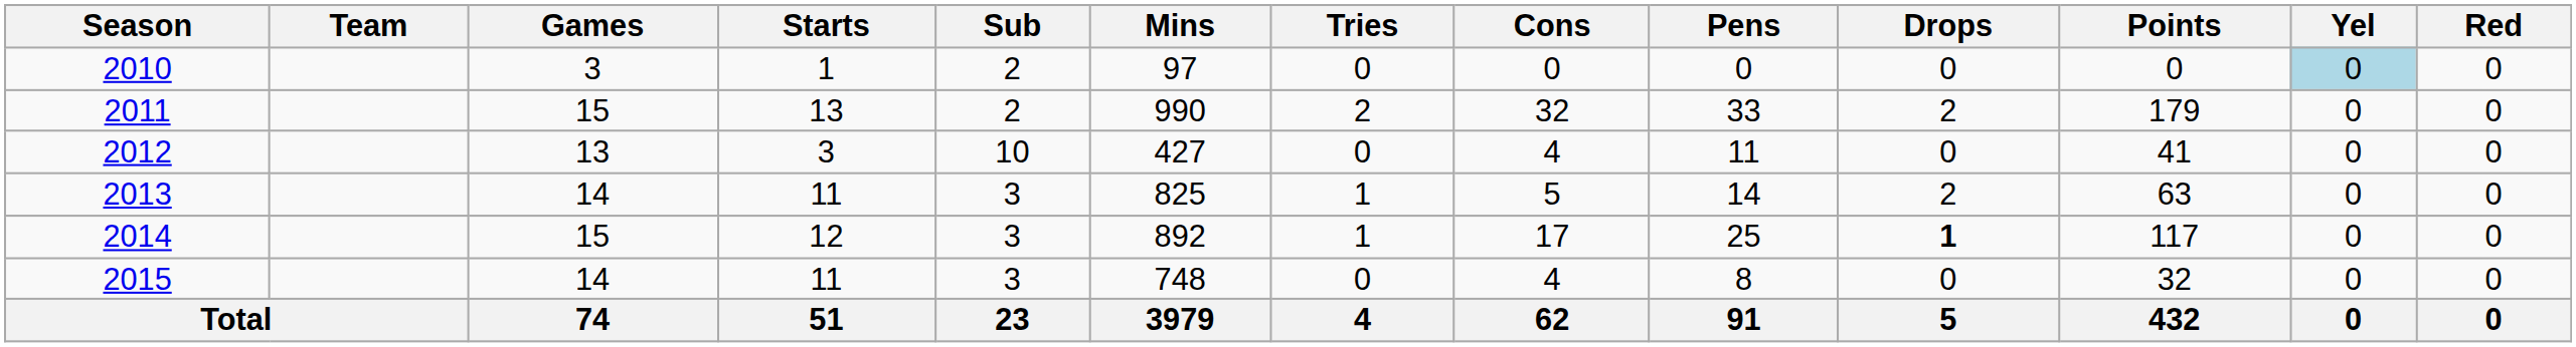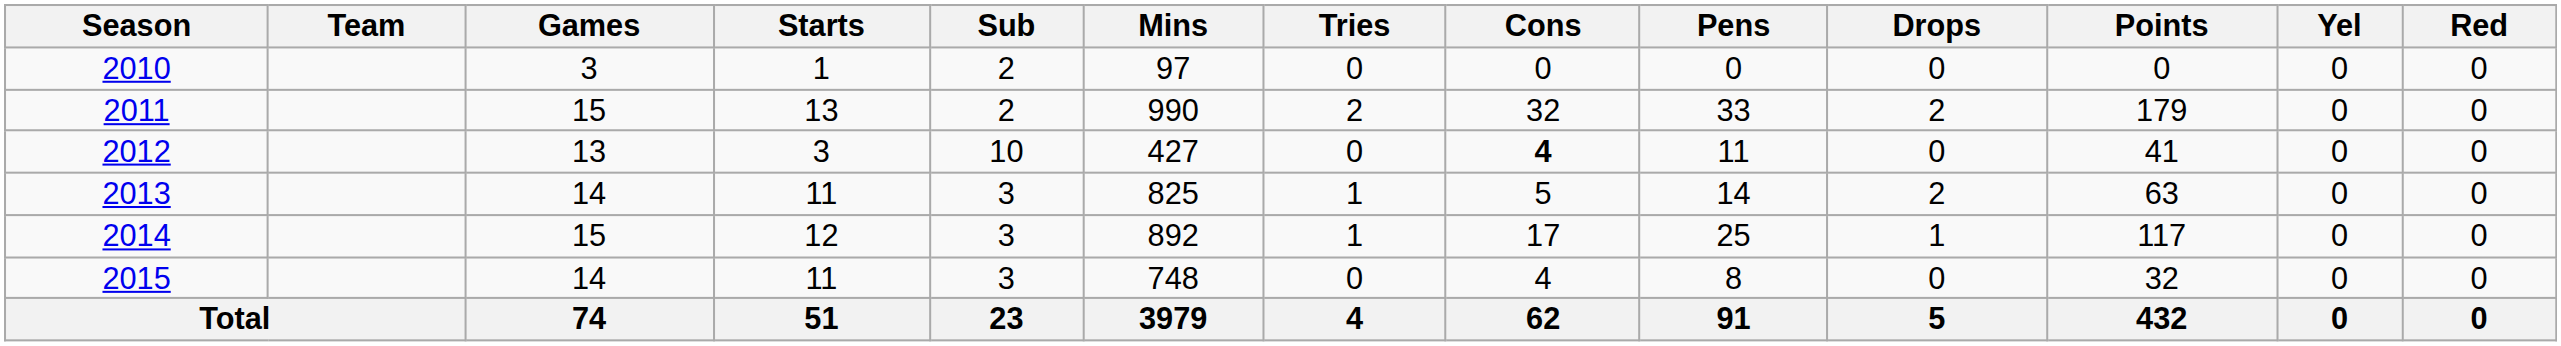 <table class="wikitable" style="text-align:center; line-height:90%; font-size:95%; width:100%;">
 <tr>
 <th>Season</th>
 <th>Team</th>
 <th>Games</th>
 <th>Starts</th>
 <th>Sub</th>
 <th>Mins</th>
 <th>Tries</th>
 <th>Cons</th>
 <th>Pens</th>
 <th>Drops</th>
 <th>Points</th>
 <th>Yel</th>
 <th>Red</th>
 </tr>
 <tr>
 <td><a href='#'>2010</a></td>
 <td></td>
 <td>3</td>
 <td>1</td>
 <td>2</td>
 <td>97</td>
 <td>0</td>
 <td>0</td>
 <td>0</td>
 <td>0</td>
 <td>0</td>
-<td style="background: lightblue;">0</td>
+<td>0</td>
 <td>0</td>
 </tr>
 <tr>
 <td><a href='#'>2011</a></td>
 <td></td>
 <td>15</td>
 <td>13</td>
 <td>2</td>
 <td>990</td>
 <td>2</td>
 <td>32</td>
 <td>33</td>
 <td>2</td>
 <td>179</td>
 <td>0</td>
 <td>0</td>
 </tr>
 <tr>
 <td><a href='#'>2012</a></td>
 <td></td>
 <td>13</td>
 <td>3</td>
 <td>10</td>
 <td>427</td>
 <td>0</td>
-<td>4</td>
+<td><strong>4</strong></td>
 <td>11</td>
 <td>0</td>
 <td>41</td>
 <td>0</td>
 <td>0</td>
 </tr>
 <tr>
 <td><a href='#'>2013</a></td>
 <td></td>
 <td>14</td>
 <td>11</td>
 <td>3</td>
 <td>825</td>
 <td>1</td>
 <td>5</td>
 <td>14</td>
 <td>2</td>
 <td>63</td>
 <td>0</td>
 <td>0</td>
 </tr>
 <tr>
 <td><a href='#'>2014</a></td>
 <td></td>
 <td>15</td>
 <td>12</td>
 <td>3</td>
 <td>892</td>
 <td>1</td>
 <td>17</td>
 <td>25</td>
-<td><strong>1</strong></td>
+<td>1</td>
 <td>117</td>
 <td>0</td>
 <td>0</td>
 </tr>
 <tr>
 <td><a href='#'>2015</a></td>
 <td></td>
 <td>14</td>
 <td>11</td>
 <td>3</td>
 <td>748</td>
 <td>0</td>
 <td>4</td>
 <td>8</td>
 <td>0</td>
 <td>32</td>
 <td>0</td>
 <td>0</td>
 </tr>
 <tr>
 <th colspan="2">Total</th>
 <th>74</th>
 <th>51</th>
 <th>23</th>
 <th>3979</th>
 <th>4</th>
 <th>62</th>
 <th>91</th>
 <th>5</th>
 <th>432</th>
 <th>0</th>
 <th>0</th>
 </tr>
 </table>
